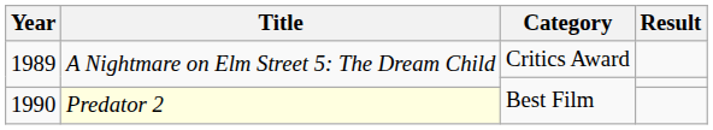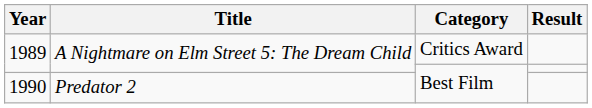 <table class="wikitable">
 <tr>
 <th>Year</th>
 <th>Title</th>
 <th>Category</th>
 <th>Result</th>
 </tr>
 <tr>
 <td rowspan=2>1989</td>
 <td rowspan=2><em>A Nightmare on Elm Street 5: The Dream Child</em></td>
 <td>Critics Award</td>
 <td></td>
 </tr>
 <tr>
 <td rowspan=2>Best Film</td>
 <td></td>
 </tr>
 <tr>
 <td>1990</td>
-<td style="background: lightyellow;"><em>Predator 2</em></td>
+<td><em>Predator 2</em></td>
 <td></td>
 </tr>
 </table>
